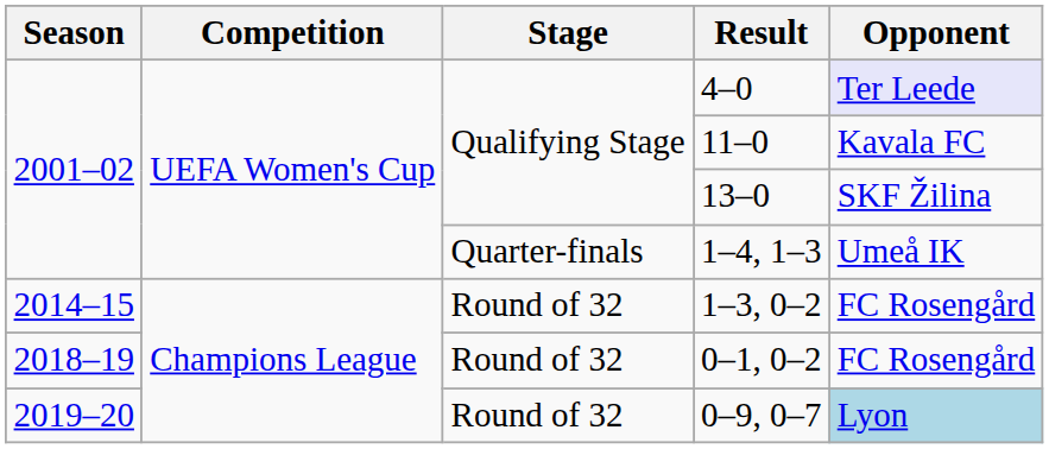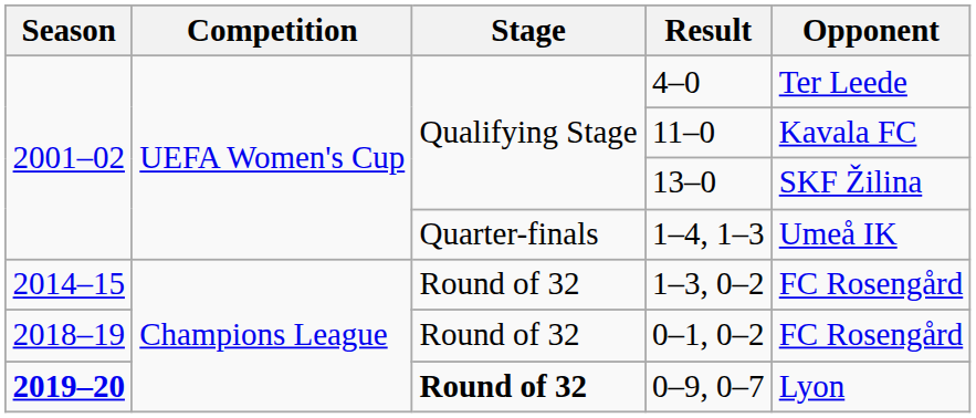 <table class="wikitable">
 <tr>
 <th>Season</th>
 <th>Competition</th>
 <th>Stage</th>
 <th>Result</th>
 <th>Opponent</th>
 </tr>
 <tr>
 <td rowspan=4><a href='#'>2001–02</a></td>
 <td rowspan=4><a href='#'>UEFA Women's Cup</a></td>
 <td rowspan=3>Qualifying Stage</td>
 <td>4–0</td>
-<td style="background: lavender;"> <a href='#'>Ter Leede</a></td>
+<td> <a href='#'>Ter Leede</a></td>
 </tr>
 <tr>
 <td>11–0</td>
 <td> <a href='#'>Kavala FC</a></td>
 </tr>
 <tr>
 <td>13–0</td>
 <td> <a href='#'>SKF Žilina</a></td>
 </tr>
 <tr>
 <td>Quarter-finals</td>
 <td>1–4, 1–3</td>
 <td> <a href='#'>Umeå IK</a></td>
 </tr>
 <tr>
 <td><a href='#'>2014–15</a></td>
 <td rowspan="3"><a href='#'>Champions League</a></td>
 <td>Round of 32</td>
 <td>1–3, 0–2</td>
 <td> <a href='#'>FC Rosengård</a></td>
 </tr>
 <tr>
 <td><a href='#'>2018–19</a></td>
 <td>Round of 32</td>
 <td>0–1, 0–2</td>
 <td> <a href='#'>FC Rosengård</a></td>
 </tr>
 <tr>
-<td><a href='#'>2019–20</a></td>
-<td>Round of 32</td>
+<td><strong><a href='#'>2019–20</a></strong></td>
+<td><strong>Round of 32</strong></td>
 <td>0–9, 0–7</td>
-<td style="background: lightblue;"> <a href='#'>Lyon</a></td>
+<td> <a href='#'>Lyon</a></td>
 </tr>
 </table>
